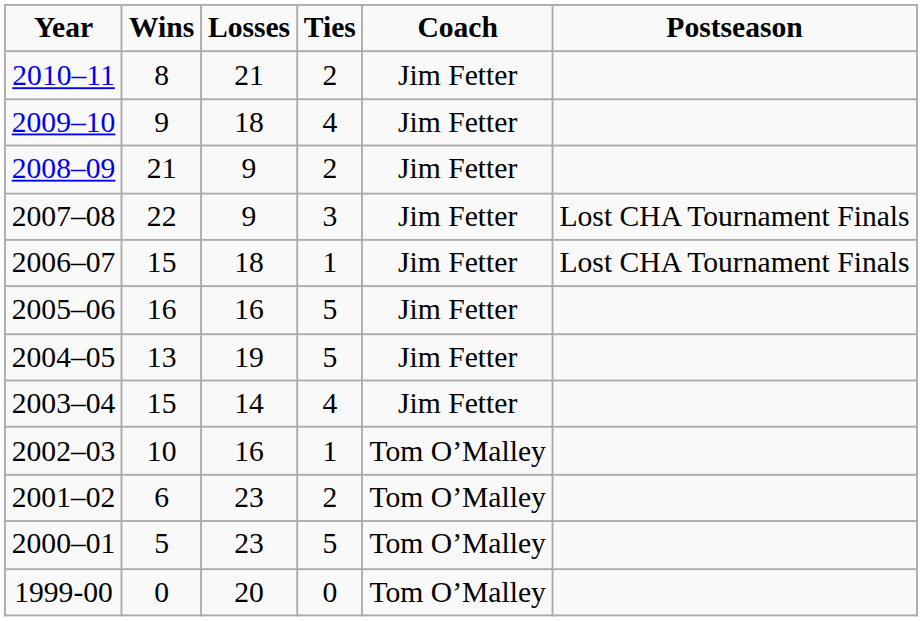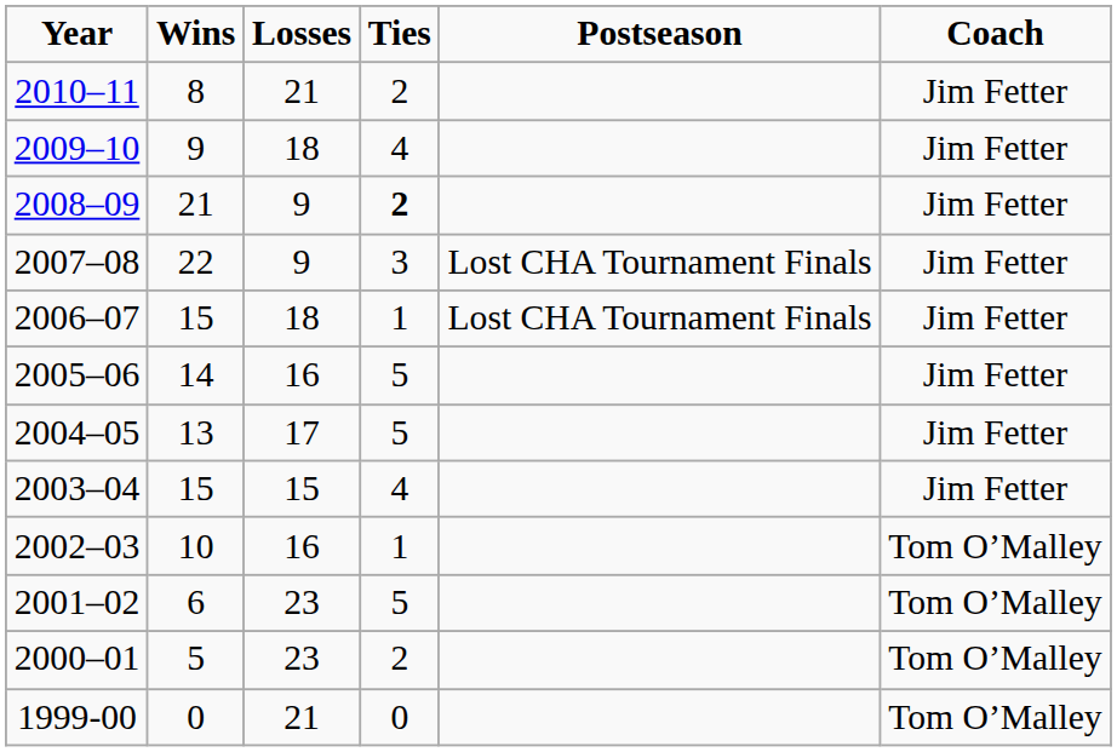 <table class="wikitable" style="text-align:center">
 <tr style="text-align:center; ">
 <td><strong>Year</strong></td>
 <td><strong>Wins</strong></td>
 <td><strong>Losses</strong></td>
 <td><strong>Ties</strong></td>
+<td><strong>Postseason</strong></td>
 <td><strong>Coach</strong></td>
-<td><strong>Postseason</strong></td>
 </tr>
 <tr style="text-align:center;" bgcolor="">
 <td><a href='#'>2010–11</a></td>
 <td>8</td>
 <td>21</td>
 <td>2</td>
+<td></td>
 <td>Jim Fetter</td>
-<td></td>
 </tr>
 <tr style="text-align:center;" bgcolor="">
 <td><a href='#'>2009–10</a></td>
 <td>9</td>
 <td>18</td>
 <td>4</td>
+<td></td>
 <td>Jim Fetter</td>
-<td></td>
 </tr>
 <tr style="text-align:center;" bgcolor="">
 <td><a href='#'>2008–09</a></td>
 <td>21</td>
 <td>9</td>
-<td>2</td>
+<td><strong>2</strong></td>
+<td></td>
 <td>Jim Fetter</td>
-<td></td>
 </tr>
 <tr style="text-align:center;" bgcolor="">
 <td>2007–08</td>
 <td>22</td>
 <td>9</td>
 <td>3</td>
+<td>Lost CHA Tournament Finals</td>
 <td>Jim Fetter</td>
-<td>Lost CHA Tournament Finals</td>
 </tr>
 <tr style="text-align:center;" bgcolor="">
 <td>2006–07</td>
 <td>15</td>
 <td>18</td>
 <td>1</td>
+<td>Lost CHA Tournament Finals</td>
 <td>Jim Fetter</td>
-<td>Lost CHA Tournament Finals</td>
 </tr>
 <tr style="text-align:center;" bgcolor="">
 <td>2005–06</td>
-<td>16</td>
+<td>14</td>
 <td>16</td>
 <td>5</td>
+<td></td>
 <td>Jim Fetter</td>
-<td></td>
 </tr>
 <tr style="text-align:center;" bgcolor="">
 <td>2004–05</td>
 <td>13</td>
-<td>19</td>
+<td>17</td>
 <td>5</td>
+<td></td>
 <td>Jim Fetter</td>
-<td></td>
 </tr>
 <tr style="text-align:center;" bgcolor="">
 <td>2003–04</td>
 <td>15</td>
-<td>14</td>
+<td>15</td>
 <td>4</td>
+<td></td>
 <td>Jim Fetter</td>
-<td></td>
 </tr>
 <tr style="text-align:center;" bgcolor="">
 <td>2002–03</td>
 <td>10</td>
 <td>16</td>
 <td>1</td>
+<td></td>
 <td>Tom O’Malley</td>
-<td></td>
 </tr>
 <tr style="text-align:center;" bgcolor="">
 <td>2001–02</td>
 <td>6</td>
 <td>23</td>
-<td>2</td>
+<td>5</td>
+<td></td>
 <td>Tom O’Malley</td>
-<td></td>
 </tr>
 <tr style="text-align:center;" bgcolor="">
 <td>2000–01</td>
 <td>5</td>
 <td>23</td>
-<td>5</td>
+<td>2</td>
+<td></td>
 <td>Tom O’Malley</td>
-<td></td>
 </tr>
 <tr style="text-align:center;" bgcolor="">
 <td>1999-00</td>
 <td>0</td>
-<td>20</td>
+<td>21</td>
 <td>0</td>
+<td></td>
 <td>Tom O’Malley</td>
-<td></td>
 </tr>
 </table>
